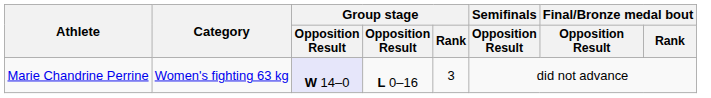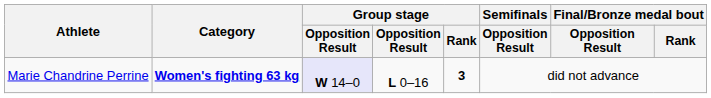 <table class="wikitable" style="text-align:center; font-size:90%">
 <tr>
 <th rowspan=2>Athlete</th>
 <th rowspan=2>Category</th>
 <th colspan=3>Group stage</th>
 <th>Semifinals</th>
 <th colspan=2>Final/Bronze medal bout</th>
 </tr>
 <tr style="font-size:95%">
 <th>Opposition<br>Result</th>
 <th>Opposition<br>Result</th>
 <th>Rank</th>
 <th>Opposition<br>Result</th>
 <th>Opposition<br>Result</th>
 <th>Rank</th>
 </tr>
 <tr>
 <td align=left><a href='#'>Marie Chandrine Perrine</a></td>
-<td align=left><a href='#'>Women's fighting 63 kg</a></td>
+<td align=left><strong><a href='#'>Women's fighting 63 kg</a></strong></td>
 <td style="background: lavender;"><br> <strong>W</strong> 14–0</td>
 <td><br> <strong>L</strong> 0–16</td>
-<td>3</td>
+<td><strong>3</strong></td>
 <td colspan=3>did not advance</td>
 </tr>
 </table>
